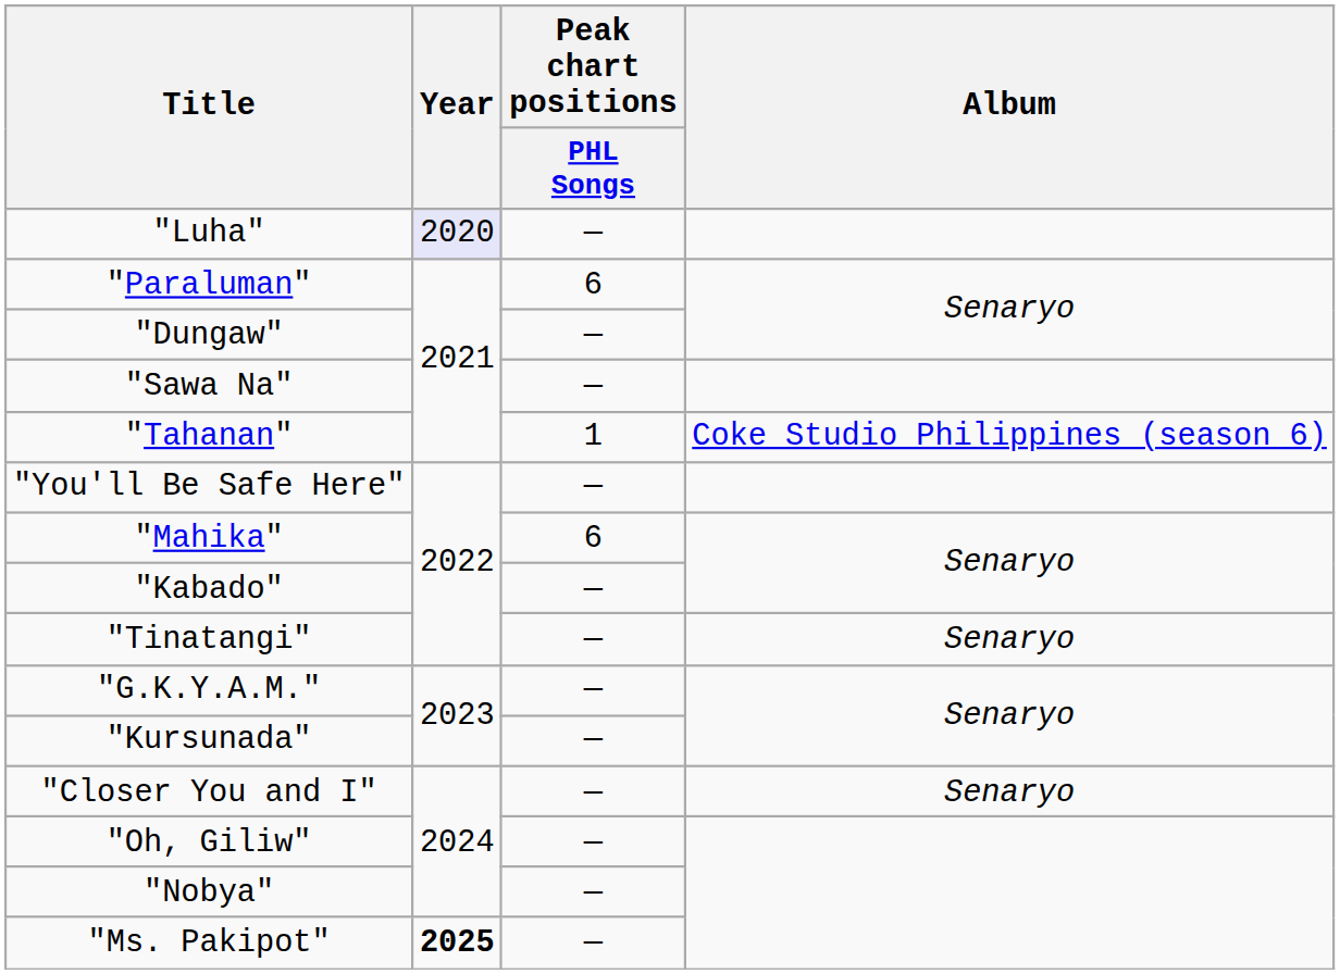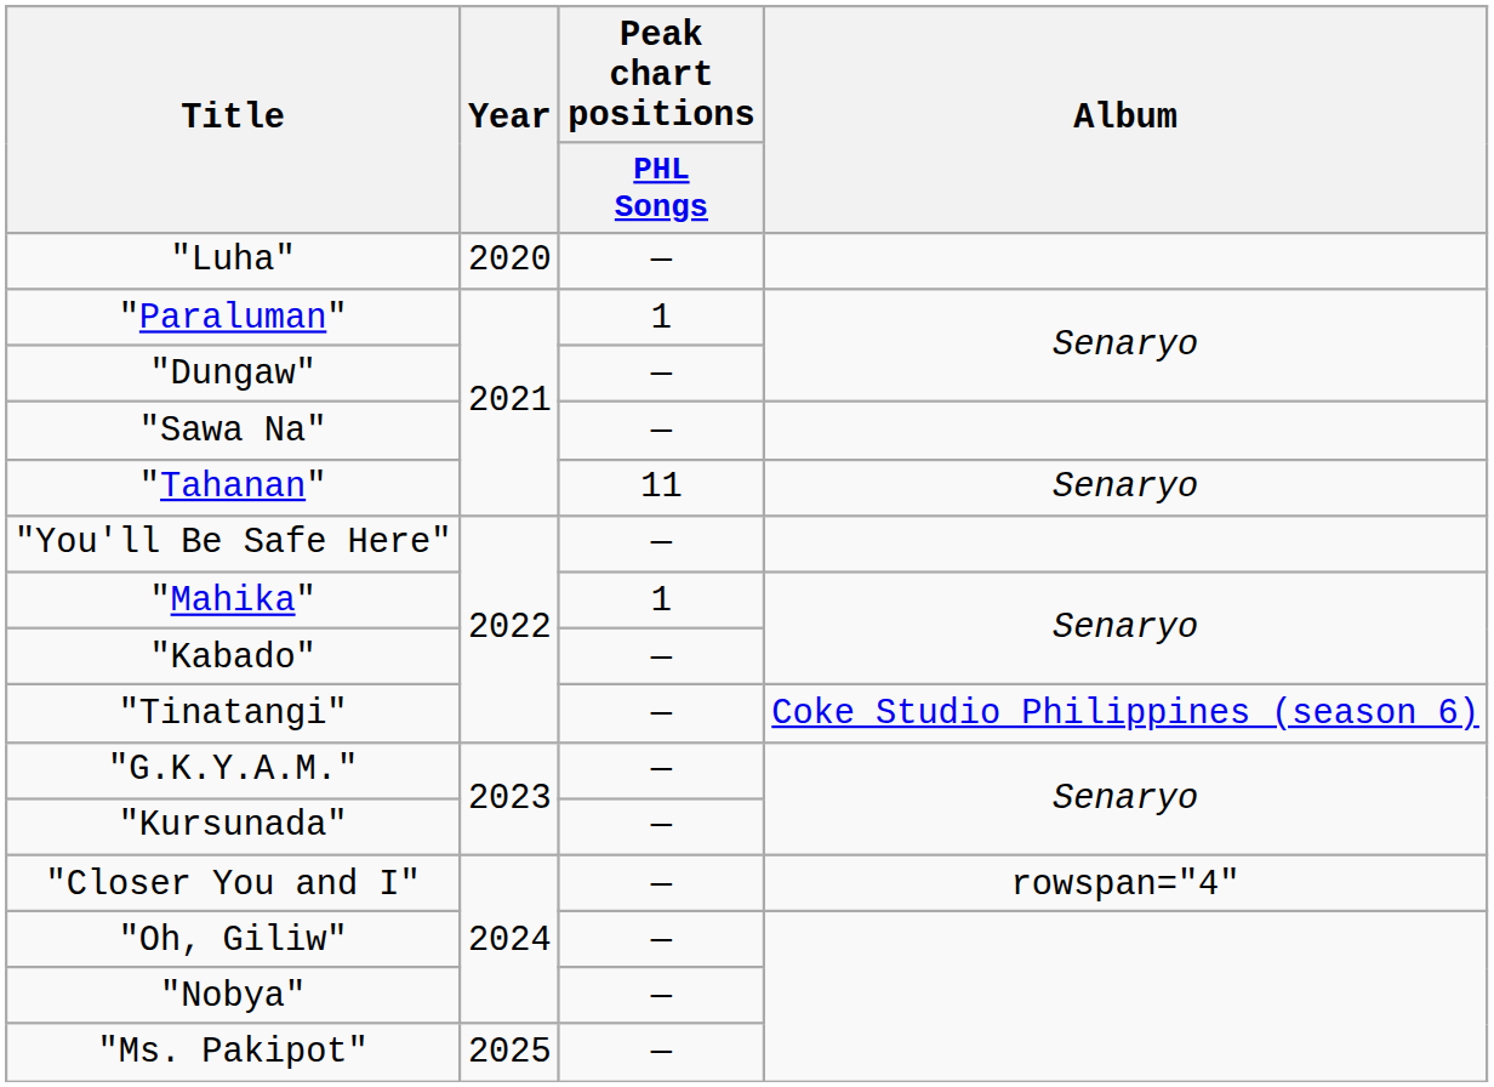 <table class="wikitable plainrowheaders"  style="text-align:center;">
 <tr>
 <th scope="col" rowspan="2">Title</th>
 <th scope="col" rowspan="2">Year</th>
 <th scope="col" rowspan="1" colspan="1">Peak chart positions</th>
 <th scope="col" rowspan="2">Album</th>
 </tr>
 <tr>
 <th scope="col" style="font-size:90%; width:3em"><a href='#'>PHL<br>Songs</a><br></th>
 </tr>
 <tr>
 <td>"Luha"</td>
-<td style="background: lavender;">2020</td>
+<td>2020</td>
 <td>—</td>
 <td></td>
 </tr>
 <tr>
 <td>"<a href='#'>Paraluman</a>"</td>
 <td rowspan="4">2021</td>
-<td>6</td>
+<td>1</td>
 <td rowspan="2"><em>Senaryo</em></td>
 </tr>
 <tr>
 <td>"Dungaw"</td>
 <td>—</td>
 </tr>
 <tr>
 <td>"Sawa Na"</td>
 <td>—</td>
 <td></td>
 </tr>
 <tr>
 <td>"<a href='#'>Tahanan</a>"</td>
-<td>1</td>
-<td><a href='#'>Coke Studio Philippines (season 6)</a></td>
+<td>11</td>
+<td><em>Senaryo</em></td>
 </tr>
 <tr>
 <td>"You'll Be Safe Here"</td>
 <td rowspan="4">2022</td>
 <td>—</td>
 <td></td>
 </tr>
 <tr>
 <td>"<a href='#'>Mahika</a>"<br></td>
-<td>6</td>
+<td>1</td>
 <td rowspan="2"><em>Senaryo</em></td>
 </tr>
 <tr>
 <td>"Kabado"</td>
 <td>—</td>
 </tr>
 <tr>
 <td>"Tinatangi"<br></td>
 <td>—</td>
-<td><em>Senaryo</em></td>
+<td><a href='#'>Coke Studio Philippines (season 6)</a></td>
 </tr>
 <tr>
 <td>"G.K.Y.A.M."</td>
 <td rowspan="2">2023</td>
 <td>—</td>
 <td rowspan="2"><em>Senaryo</em></td>
 </tr>
 <tr>
 <td>"Kursunada"</td>
 <td>—</td>
 </tr>
 <tr>
 <td>"Closer You and I"</td>
 <td rowspan="3">2024</td>
 <td>—</td>
-<td><em>Senaryo</em></td>
+<td>rowspan="4" </td>
 </tr>
 <tr>
 <td>"Oh, Giliw"</td>
 <td>—</td>
 </tr>
 <tr>
 <td>"Nobya"</td>
 <td>—</td>
 </tr>
 <tr>
 <td>"Ms. Pakipot"</td>
-<td><strong>2025</strong></td>
+<td>2025</td>
 <td>—</td>
 </tr>
 </table>
